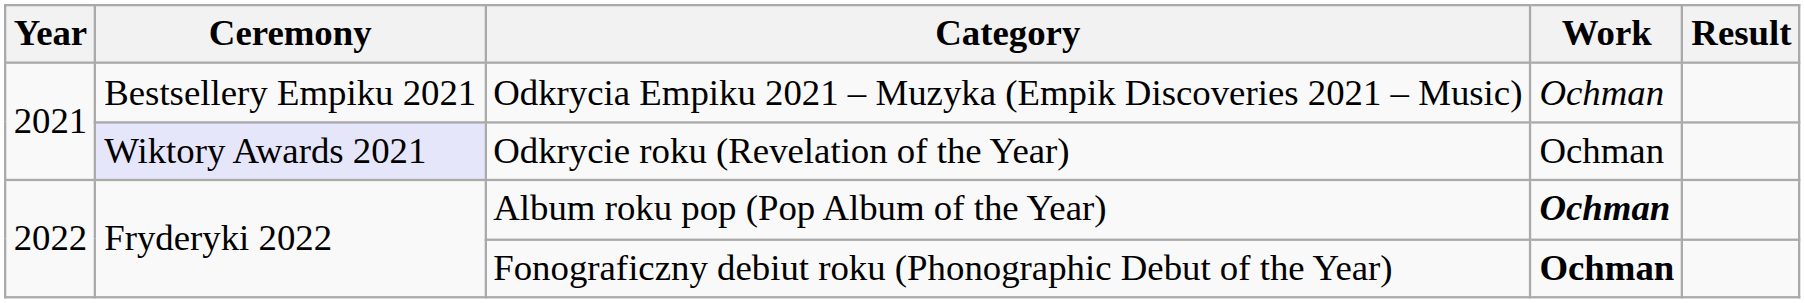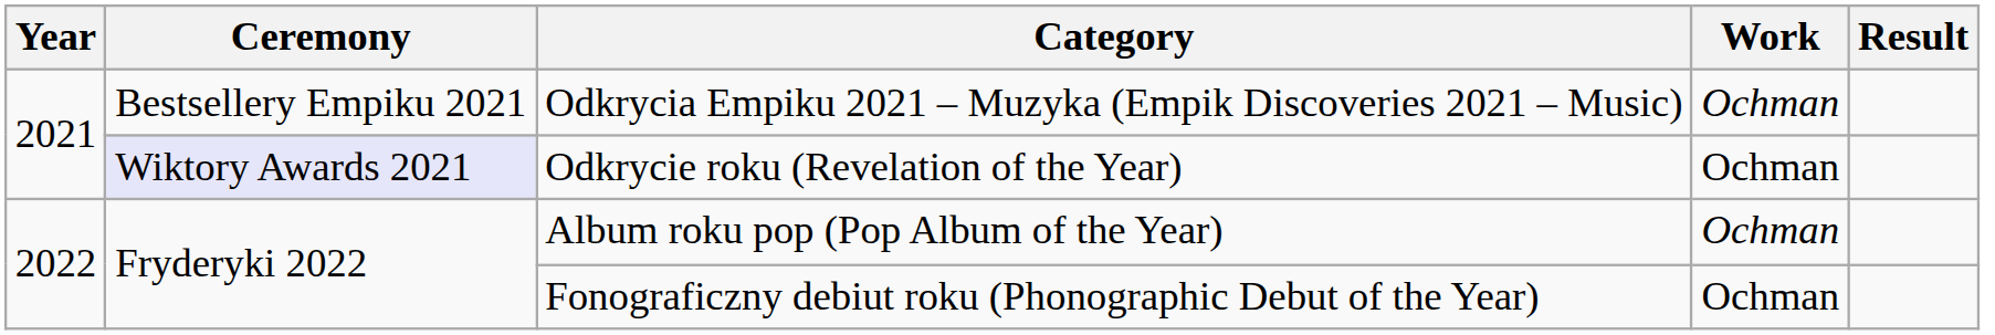 <table class="wikitable ">
 <tr>
 <th>Year</th>
 <th>Ceremony</th>
 <th>Category</th>
 <th>Work</th>
 <th>Result</th>
 </tr>
 <tr>
 <td rowspan="2">2021</td>
 <td>Bestsellery Empiku 2021</td>
 <td>Odkrycia Empiku 2021 – Muzyka (Empik Discoveries 2021 – Music)</td>
 <td><em>Ochman</em></td>
 <td></td>
 </tr>
 <tr>
 <td style="background: lavender;">Wiktory Awards 2021</td>
 <td>Odkrycie roku (Revelation of the Year)</td>
 <td>Ochman</td>
 <td></td>
 </tr>
 <tr>
 <td rowspan="2">2022</td>
 <td rowspan="2">Fryderyki 2022</td>
 <td>Album roku pop (Pop Album of the Year)</td>
-<td><strong><em>Ochman</em></strong></td>
+<td><em>Ochman</em></td>
 <td></td>
 </tr>
 <tr>
 <td>Fonograficzny debiut roku (Phonographic Debut of the Year)</td>
-<td Ochman><strong>Ochman</strong></td>
+<td Ochman>Ochman</td>
 <td></td>
 </tr>
 </table>
